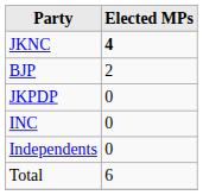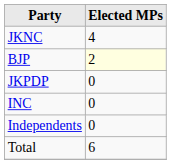 <table class="wikitable sortable">
 <tr>
 <th style="background-color:#E9E9E9" align="left" valign="top">Party</th>
 <th style="background-color:#E9E9E9" align="center" valign="top">Elected MPs</th>
 </tr>
 <tr>
 <td><a href='#'>JKNC</a></td>
-<td><strong>4</strong></td>
+<td>4</td>
 </tr>
 <tr>
 <td><a href='#'>BJP</a></td>
-<td>2</td>
+<td style="background: lightyellow;">2</td>
 </tr>
 <tr>
 <td><a href='#'>JKPDP</a></td>
 <td>0</td>
 </tr>
 <tr>
 <td><a href='#'>INC</a></td>
 <td>0</td>
 </tr>
 <tr>
 <td><a href='#'>Independents</a></td>
 <td>0</td>
 </tr>
 <tr>
 <td>Total</td>
 <td>6</td>
 </tr>
 <tr>
 </tr>
 </table>
